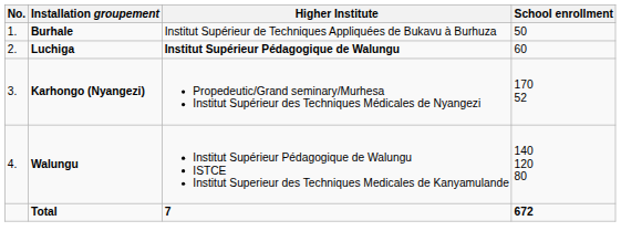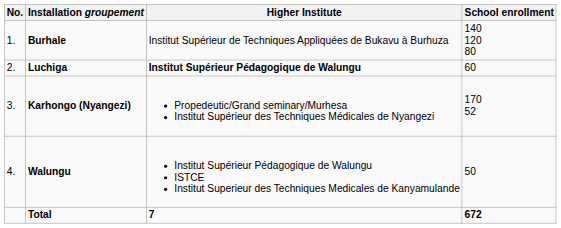 <table class="wikitable">
 <tr>
 <th>No.</th>
 <th>Installation <em>groupement</em></th>
 <th>Higher Institute</th>
 <th>School enrollment</th>
 </tr>
 <tr>
 <td>1.</td>
 <td><strong>Burhale</strong></td>
 <td>Institut Supérieur de Techniques Appliquées de Bukavu à Burhuza</td>
-<td>50</td>
+<td>140<br>120<br>80</td>
 </tr>
 <tr>
 <td>2.</td>
 <td><strong>Luchiga</strong></td>
 <td><strong>Institut Supérieur Pédagogique de Walungu</strong></td>
 <td>60</td>
 </tr>
 <tr>
 <td>3.</td>
 <td><strong>Karhongo (Nyangezi)</strong></td>
 <td><br><ul><li>Propedeutic/Grand seminary/Murhesa</li><li>Institut Supérieur des Techniques Médicales de Nyangezi</li></ul></td>
 <td>170<br>52</td>
 </tr>
 <tr>
 <td>4.</td>
 <td><strong>Walungu</strong></td>
 <td><br><ul><li>Institut Supérieur Pédagogique de Walungu</li><li>ISTCE</li><li>Institut Superieur des Techniques Medicales de Kanyamulande</li></ul></td>
-<td>140<br>120<br>80</td>
+<td>50</td>
 </tr>
 <tr>
 <td rowspan="2"></td>
 <td rowspan="2"><strong>Total</strong></td>
 <td rowspan="2"><strong>7</strong></td>
 <td rowspan="2"><strong>672</strong></td>
 </tr>
 </table>
